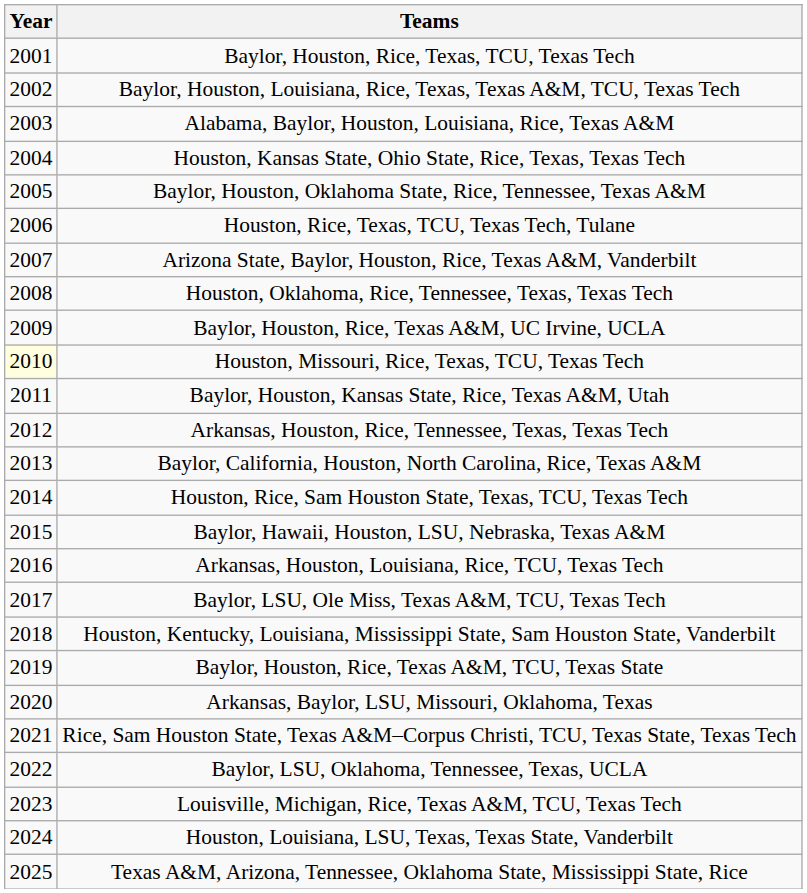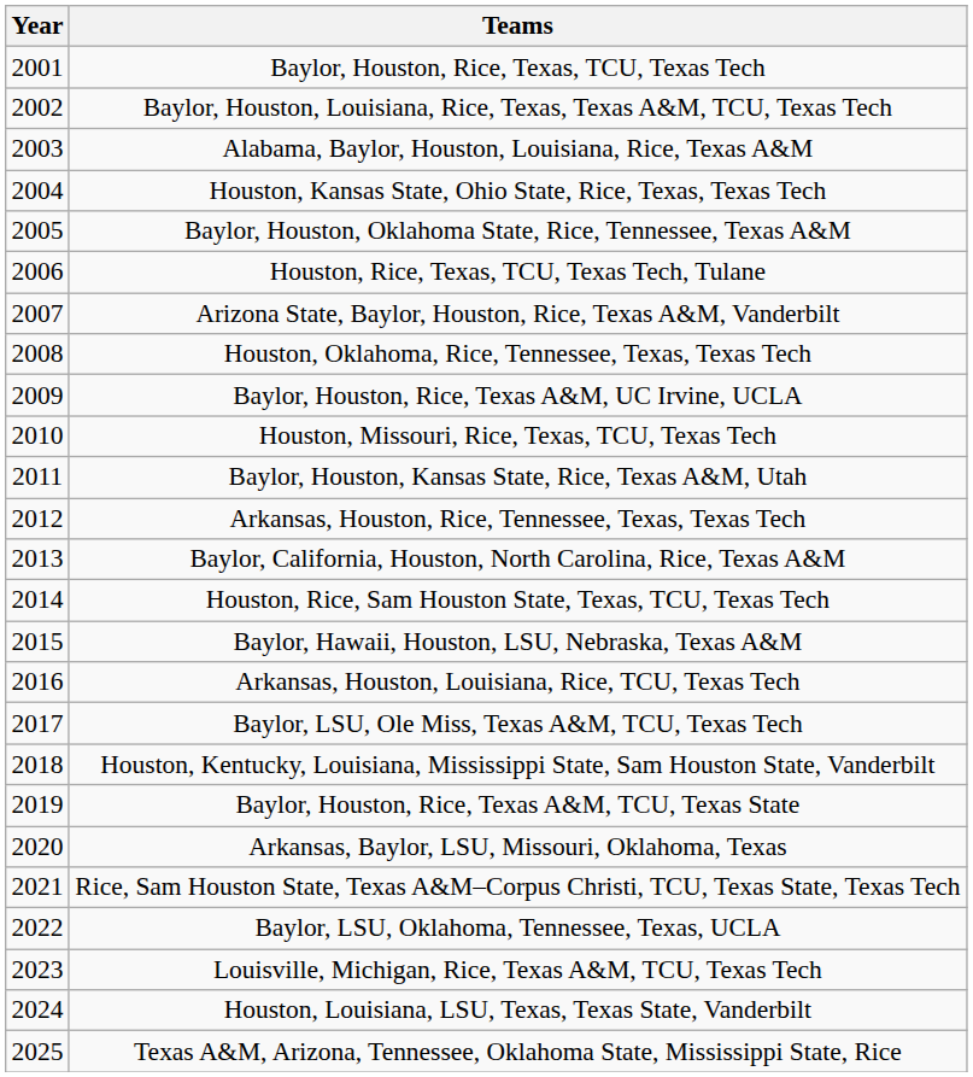 <table class="wikitable plainrowheaders" style="text-align:center; width=74%">
 <tr>
 <th>Year</th>
 <th>Teams</th>
 </tr>
 <tr>
 <td>2001</td>
 <td>Baylor, Houston, Rice, Texas, TCU, Texas Tech</td>
 </tr>
 <tr>
 <td>2002</td>
 <td>Baylor, Houston, Louisiana, Rice, Texas, Texas A&M, TCU, Texas Tech</td>
 </tr>
 <tr>
 <td>2003</td>
 <td>Alabama, Baylor, Houston, Louisiana, Rice, Texas A&M</td>
 </tr>
 <tr>
 <td>2004</td>
 <td>Houston, Kansas State, Ohio State, Rice, Texas, Texas Tech</td>
 </tr>
 <tr>
 <td>2005</td>
 <td>Baylor, Houston, Oklahoma State, Rice, Tennessee, Texas A&M</td>
 </tr>
 <tr>
 <td>2006</td>
 <td>Houston, Rice, Texas, TCU, Texas Tech, Tulane</td>
 </tr>
 <tr>
 <td>2007</td>
 <td>Arizona State, Baylor, Houston, Rice, Texas A&M, Vanderbilt</td>
 </tr>
 <tr>
 <td>2008</td>
 <td>Houston, Oklahoma, Rice, Tennessee, Texas, Texas Tech</td>
 </tr>
 <tr>
 <td>2009</td>
 <td>Baylor, Houston, Rice, Texas A&M, UC Irvine, UCLA</td>
 </tr>
 <tr>
-<td style="background: lightyellow;">2010</td>
+<td>2010</td>
 <td>Houston, Missouri, Rice, Texas, TCU, Texas Tech</td>
 </tr>
 <tr>
 <td>2011</td>
 <td>Baylor, Houston, Kansas State, Rice, Texas A&M, Utah</td>
 </tr>
 <tr>
 <td>2012</td>
 <td>Arkansas, Houston, Rice, Tennessee, Texas, Texas Tech</td>
 </tr>
 <tr>
 <td>2013</td>
 <td>Baylor, California, Houston, North Carolina, Rice, Texas A&M</td>
 </tr>
 <tr>
 <td>2014</td>
 <td>Houston, Rice, Sam Houston State, Texas, TCU, Texas Tech</td>
 </tr>
 <tr>
 <td>2015</td>
 <td>Baylor, Hawaii, Houston, LSU, Nebraska, Texas A&M</td>
 </tr>
 <tr>
 <td>2016</td>
 <td>Arkansas, Houston, Louisiana, Rice, TCU, Texas Tech</td>
 </tr>
 <tr>
 <td>2017</td>
 <td>Baylor, LSU, Ole Miss, Texas A&M, TCU, Texas Tech</td>
 </tr>
 <tr>
 <td>2018</td>
 <td>Houston, Kentucky, Louisiana, Mississippi State, Sam Houston State, Vanderbilt</td>
 </tr>
 <tr>
 <td>2019</td>
 <td>Baylor, Houston, Rice, Texas A&M, TCU, Texas State</td>
 </tr>
 <tr>
 <td>2020</td>
 <td>Arkansas, Baylor, LSU, Missouri, Oklahoma, Texas</td>
 </tr>
 <tr>
 <td>2021</td>
 <td>Rice, Sam Houston State, Texas A&M–Corpus Christi, TCU, Texas State, Texas Tech</td>
 </tr>
 <tr>
 <td>2022</td>
 <td>Baylor, LSU, Oklahoma, Tennessee, Texas, UCLA</td>
 </tr>
 <tr>
 <td>2023</td>
 <td>Louisville, Michigan, Rice, Texas A&M, TCU, Texas Tech</td>
 </tr>
 <tr>
 <td>2024</td>
 <td>Houston, Louisiana, LSU, Texas, Texas State, Vanderbilt</td>
 </tr>
 <tr>
 <td>2025</td>
 <td>Texas A&M, Arizona, Tennessee, Oklahoma State, Mississippi State, Rice</td>
 </tr>
 </table>
